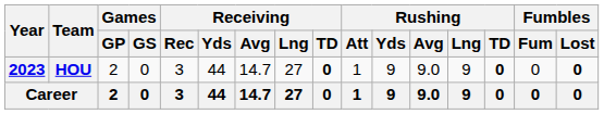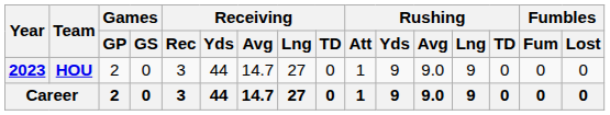 <table class=wikitable style="text-align:center;">
 <tr>
 <th rowspan="2">Year</th>
 <th rowspan="2">Team</th>
 <th colspan="2">Games</th>
 <th colspan="5">Receiving</th>
 <th colspan="5">Rushing</th>
 <th colspan="2">Fumbles</th>
 </tr>
 <tr>
 <th>GP</th>
 <th>GS</th>
 <th>Rec</th>
 <th>Yds</th>
 <th>Avg</th>
 <th>Lng</th>
 <th>TD</th>
 <th>Att</th>
 <th>Yds</th>
 <th>Avg</th>
 <th>Lng</th>
 <th>TD</th>
 <th>Fum</th>
 <th>Lost</th>
 </tr>
 <tr>
 <th><a href='#'>2023</a></th>
 <th><a href='#'>HOU</a></th>
 <td>2</td>
 <td>0</td>
 <td>3</td>
 <td>44</td>
 <td>14.7</td>
 <td>27</td>
-<td><strong>0</strong></td>
+<td>0</td>
 <td>1</td>
 <td>9</td>
 <td>9.0</td>
 <td>9</td>
-<td><strong>0</strong></td>
 <td>0</td>
-<td><strong>0</strong></td>
+<td>0</td>
+<td>0</td>
 </tr>
 <tr>
 <th colspan="2">Career</th>
 <th>2</th>
 <th>0</th>
 <th>3</th>
 <th>44</th>
 <th>14.7</th>
 <th>27</th>
 <th>0</th>
 <th>1</th>
 <th>9</th>
 <th>9.0</th>
 <th>9</th>
 <th>0</th>
 <th>0</th>
 <th>0</th>
 </tr>
 </table>
